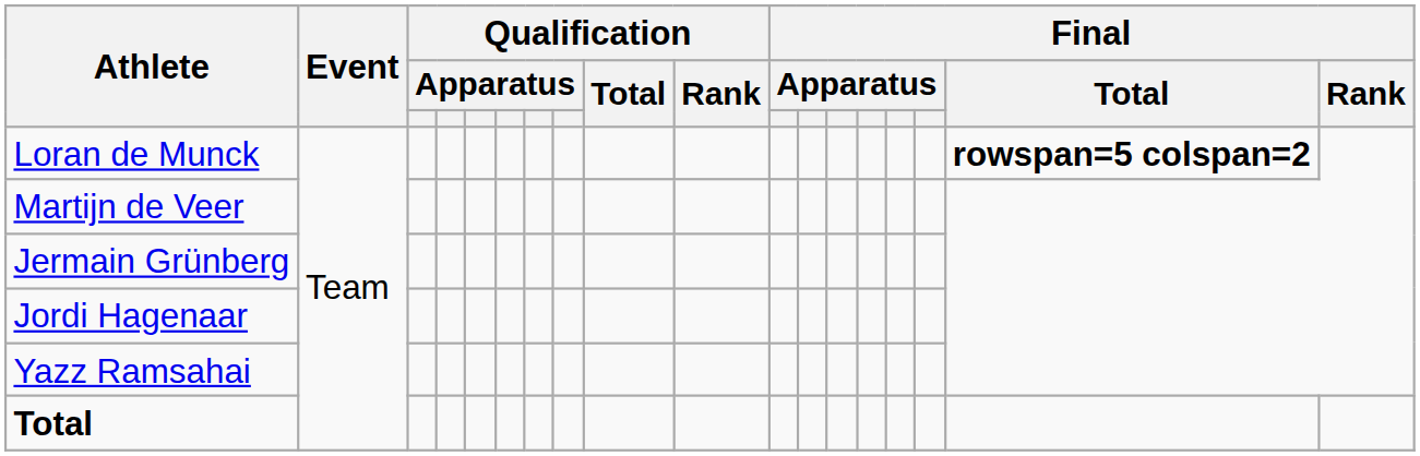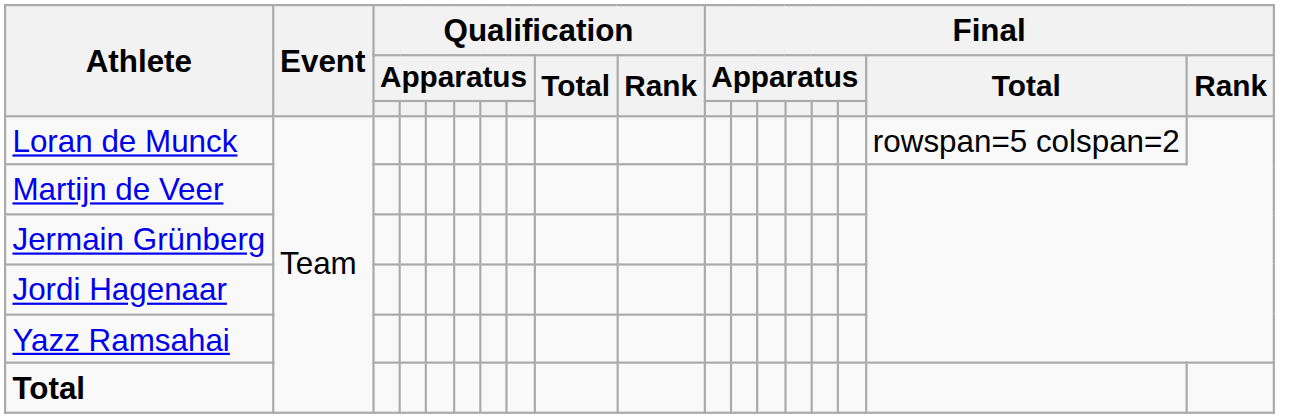 <table class="wikitable" style="font-size:90%">
 <tr>
 <th rowspan=3>Athlete</th>
 <th rowspan=3>Event</th>
 <th colspan =8>Qualification</th>
 <th colspan =8>Final</th>
 </tr>
 <tr style="font-size:95%">
 <th colspan=6>Apparatus</th>
 <th rowspan=2>Total</th>
 <th rowspan=2>Rank</th>
 <th colspan=6>Apparatus</th>
 <th rowspan=2>Total</th>
 <th rowspan=2>Rank</th>
 </tr>
 <tr style="font-size:95%">
 <th></th>
 <th></th>
 <th></th>
 <th></th>
 <th></th>
 <th></th>
 <th></th>
 <th></th>
 <th></th>
 <th></th>
 <th></th>
 <th></th>
 </tr>
 <tr align=center>
 <td align=left><a href='#'>Loran de Munck</a></td>
 <td align=left rowspan=6>Team</td>
 <td></td>
 <td></td>
 <td></td>
 <td></td>
 <td></td>
 <td></td>
 <td></td>
 <td></td>
 <td></td>
 <td></td>
 <td></td>
 <td></td>
 <td></td>
 <td></td>
-<td><strong>rowspan=5 colspan=2</strong></td>
+<td>rowspan=5 colspan=2</td>
 </tr>
 <tr align=center>
 <td align=left><a href='#'>Martijn de Veer</a></td>
 <td></td>
 <td></td>
 <td></td>
 <td></td>
 <td></td>
 <td></td>
 <td></td>
 <td></td>
 <td></td>
 <td></td>
 <td></td>
 <td></td>
 <td></td>
 <td></td>
 </tr>
 <tr align=center>
 <td align=left><a href='#'>Jermain Grünberg</a></td>
 <td></td>
 <td></td>
 <td></td>
 <td></td>
 <td></td>
 <td></td>
 <td></td>
 <td></td>
 <td></td>
 <td></td>
 <td></td>
 <td></td>
 <td></td>
 <td></td>
 </tr>
 <tr align=center>
 <td align=left><a href='#'>Jordi Hagenaar</a></td>
 <td></td>
 <td></td>
 <td></td>
 <td></td>
 <td></td>
 <td></td>
 <td></td>
 <td></td>
 <td></td>
 <td></td>
 <td></td>
 <td></td>
 <td></td>
 <td></td>
 </tr>
 <tr align=center>
 <td align=left><a href='#'>Yazz Ramsahai</a></td>
 <td></td>
 <td></td>
 <td></td>
 <td></td>
 <td></td>
 <td></td>
 <td></td>
 <td></td>
 <td></td>
 <td></td>
 <td></td>
 <td></td>
 <td></td>
 <td></td>
 </tr>
 <tr align=center>
 <td align=left><strong>Total</strong></td>
 <td></td>
 <td></td>
 <td></td>
 <td></td>
 <td></td>
 <td></td>
 <td></td>
 <td></td>
 <td></td>
 <td></td>
 <td></td>
 <td></td>
 <td></td>
 <td></td>
 <td></td>
 <td></td>
 </tr>
 </table>
